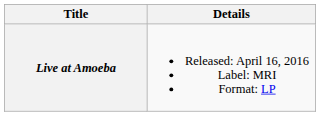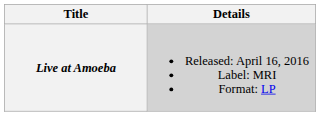 <table class="wikitable plainrowheaders" style="text-align:center;" border="1">
 <tr>
 <th scope="col" style="width:11em;">Title</th>
 <th scope="col" style="width:13em;">Details</th>
 </tr>
 <tr>
 <th scope="row"><em>Live at Amoeba</em></th>
-<td><br><ul><li>Released: April 16, 2016</li><li>Label: MRI</li><li>Format: <a href='#'>LP</a></li></ul></td>
+<td style="background: lightgrey;"><br><ul><li>Released: April 16, 2016</li><li>Label: MRI</li><li>Format: <a href='#'>LP</a></li></ul></td>
 </tr>
 </table>
